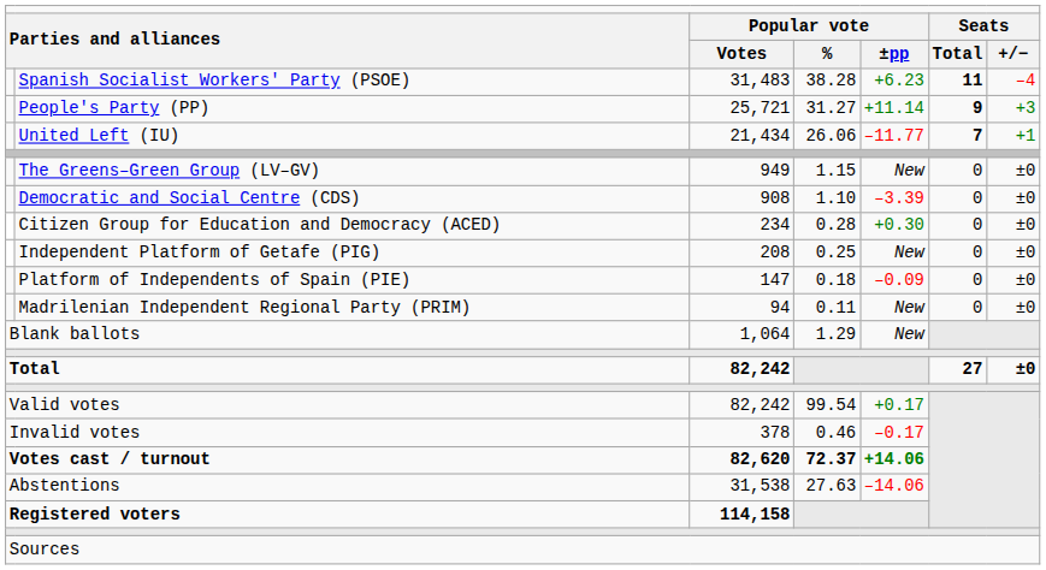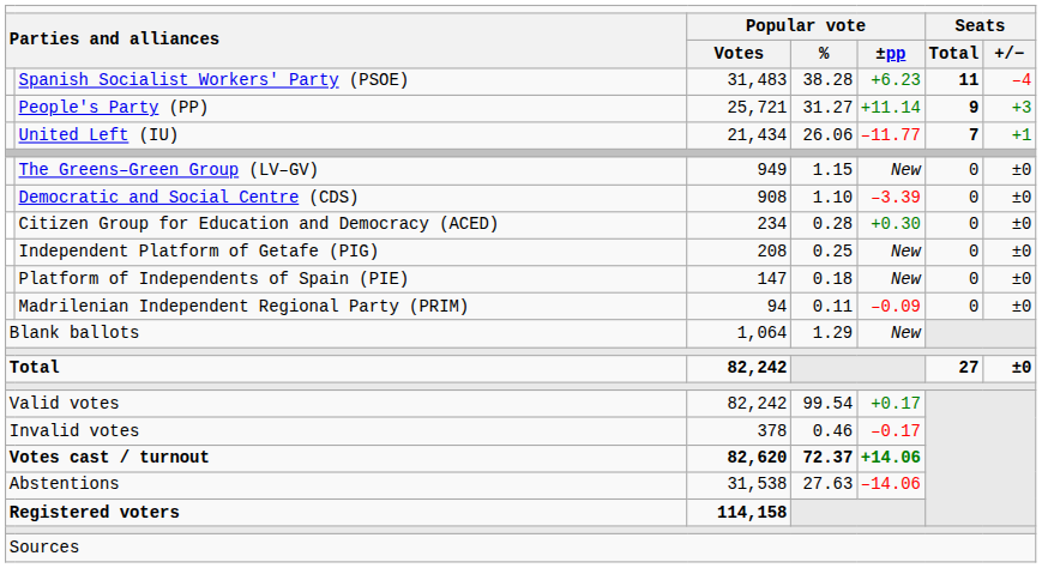 <table class="wikitable" style="text-align:right;">
 <tr>
 <td colspan="7"></td>
 </tr>
 <tr>
 <th style="text-align:left;" rowspan="2" colspan="2" width="525">Parties and alliances</th>
 <th colspan="3">Popular vote</th>
 <th colspan="2">Seats</th>
 </tr>
 <tr>
 <th width="75">Votes</th>
 <th width="45">%</th>
 <th width="45">±<a href='#'>pp</a></th>
 <th width="35">Total</th>
 <th width="35">+/−</th>
 </tr>
 <tr>
 <td width="1" style="color:inherit;background:"></td>
 <td align="left"><a href='#'>Spanish Socialist Workers' Party</a> (PSOE)</td>
 <td>31,483</td>
 <td>38.28</td>
 <td style="color:green;">+6.23</td>
 <td><strong>11</strong></td>
 <td style="color:red;">–4</td>
 </tr>
 <tr>
 <td style="color:inherit;background:"></td>
 <td align="left"><a href='#'>People's Party</a> (PP)</td>
 <td>25,721</td>
 <td>31.27</td>
 <td style="color:green;">+11.14</td>
 <td><strong>9</strong></td>
 <td style="color:green;">+3</td>
 </tr>
 <tr>
 <td style="color:inherit;background:"></td>
 <td align="left"><a href='#'>United Left</a> (IU)</td>
 <td>21,434</td>
 <td>26.06</td>
 <td style="color:red;">–11.77</td>
 <td><strong>7</strong></td>
 <td style="color:green;">+1</td>
 </tr>
 <tr>
 <td colspan="7" bgcolor="#C0C0C0"></td>
 </tr>
 <tr>
 <td style="color:inherit;background:"></td>
 <td align="left"><a href='#'>The Greens–Green Group</a> (LV–GV)</td>
 <td>949</td>
 <td>1.15</td>
 <td><em>New</em></td>
 <td>0</td>
 <td>±0</td>
 </tr>
 <tr>
 <td style="color:inherit;background:"></td>
 <td align="left"><a href='#'>Democratic and Social Centre</a> (CDS)</td>
 <td>908</td>
 <td>1.10</td>
 <td style="color:red;">–3.39</td>
 <td>0</td>
 <td>±0</td>
 </tr>
 <tr>
 <td bgcolor="white"></td>
 <td align="left">Citizen Group for Education and Democracy (ACED)</td>
 <td>234</td>
 <td>0.28</td>
 <td style="color:green;">+0.30</td>
 <td>0</td>
 <td>±0</td>
 </tr>
 <tr>
 <td bgcolor="white"></td>
 <td align="left">Independent Platform of Getafe (PIG)</td>
 <td>208</td>
 <td>0.25</td>
 <td><em>New</em></td>
 <td>0</td>
 <td>±0</td>
 </tr>
 <tr>
 <td style="color:inherit;background:"></td>
 <td align="left">Platform of Independents of Spain (PIE)</td>
 <td>147</td>
 <td>0.18</td>
-<td style="color:red;">–0.09</td>
+<td><em>New</em></td>
 <td>0</td>
 <td>±0</td>
 </tr>
 <tr>
 <td style="color:inherit;background:"></td>
 <td align="left">Madrilenian Independent Regional Party (PRIM)</td>
 <td>94</td>
 <td>0.11</td>
-<td><em>New</em></td>
+<td style="color:red;">–0.09</td>
 <td>0</td>
 <td>±0</td>
 </tr>
 <tr>
 <td align="left" colspan="2">Blank ballots</td>
 <td>1,064</td>
 <td>1.29</td>
 <td><em>New</em></td>
 <td bgcolor="#E9E9E9" colspan="2"></td>
 </tr>
 <tr>
 <td colspan="7" bgcolor="#E9E9E9"></td>
 </tr>
 <tr style="font-weight:bold;">
 <td align="left" colspan="2">Total</td>
 <td>82,242</td>
 <td bgcolor="#E9E9E9" colspan="2"></td>
 <td>27</td>
 <td>±0</td>
 </tr>
 <tr>
 <td colspan="7" bgcolor="#E9E9E9"></td>
 </tr>
 <tr>
 <td align="left" colspan="2">Valid votes</td>
 <td>82,242</td>
 <td>99.54</td>
 <td style="color:green;">+0.17</td>
 <td bgcolor="#E9E9E9" colspan="2" rowspan="5"></td>
 </tr>
 <tr>
 <td align="left" colspan="2">Invalid votes</td>
 <td>378</td>
 <td>0.46</td>
 <td style="color:red;">–0.17</td>
 </tr>
 <tr style="font-weight:bold;">
 <td align="left" colspan="2">Votes cast / turnout</td>
 <td>82,620</td>
 <td>72.37</td>
 <td style="color:green;">+14.06</td>
 </tr>
 <tr>
 <td align="left" colspan="2">Abstentions</td>
 <td>31,538</td>
 <td>27.63</td>
 <td style="color:red;">–14.06</td>
 </tr>
 <tr style="font-weight:bold;">
 <td align="left" colspan="2">Registered voters</td>
 <td>114,158</td>
 <td bgcolor="#E9E9E9" colspan="2"></td>
 </tr>
 <tr>
 <td colspan="7" bgcolor="#E9E9E9"></td>
 </tr>
 <tr>
 <td align="left" colspan="7">Sources</td>
 </tr>
 </table>
